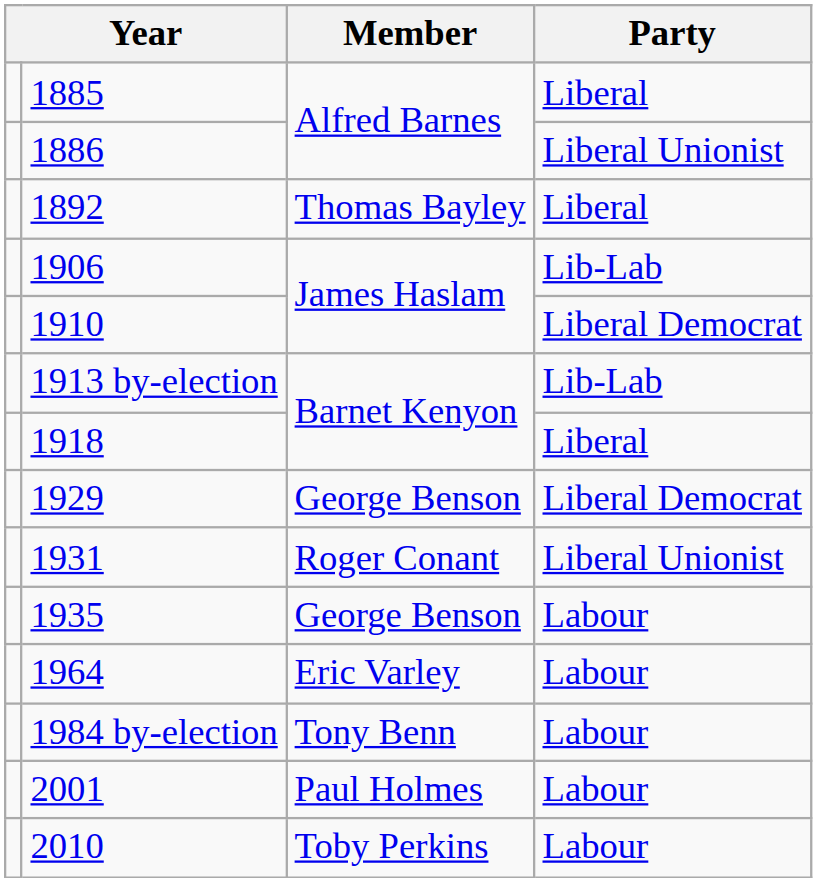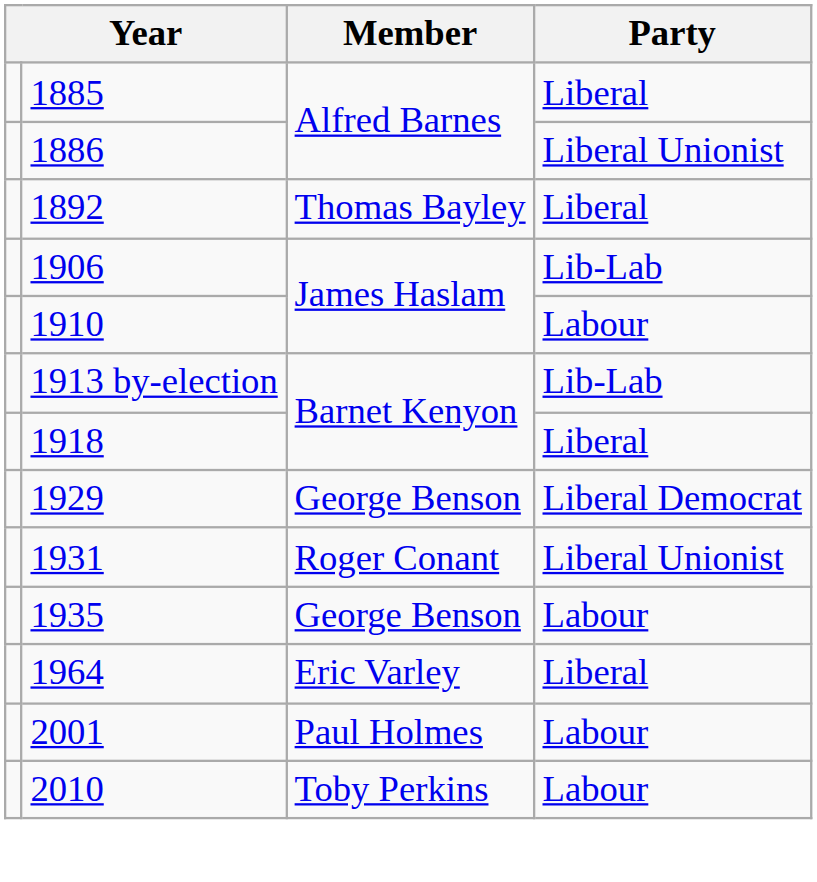 <table class="wikitable">
 <tr>
 <th colspan="2">Year</th>
 <th>Member</th>
 <th>Party</th>
 </tr>
 <tr>
 <td style="color:inherit;background-color: "></td>
 <td><a href='#'>1885</a></td>
 <td rowspan="2"><a href='#'>Alfred Barnes</a></td>
 <td><a href='#'>Liberal</a></td>
 </tr>
 <tr>
 <td style="color:inherit;background-color: "></td>
 <td><a href='#'>1886</a></td>
 <td><a href='#'>Liberal Unionist</a></td>
 </tr>
 <tr>
 <td style="color:inherit;background-color: "></td>
 <td><a href='#'>1892</a></td>
 <td><a href='#'>Thomas Bayley</a></td>
 <td><a href='#'>Liberal</a></td>
 </tr>
 <tr>
 <td style="color:inherit;background-color: "></td>
 <td><a href='#'>1906</a></td>
 <td rowspan="2"><a href='#'>James Haslam</a></td>
 <td><a href='#'>Lib-Lab</a></td>
 </tr>
 <tr>
 <td style="color:inherit;background-color: "></td>
 <td><a href='#'>1910</a></td>
-<td><a href='#'>Liberal Democrat</a></td>
+<td><a href='#'>Labour</a></td>
 </tr>
 <tr>
 <td style="color:inherit;background-color: "></td>
 <td><a href='#'>1913 by-election</a></td>
 <td rowspan="2"><a href='#'>Barnet Kenyon</a></td>
 <td><a href='#'>Lib-Lab</a></td>
 </tr>
 <tr>
 <td style="color:inherit;background-color: "></td>
 <td><a href='#'>1918</a></td>
 <td><a href='#'>Liberal</a> </td>
 </tr>
 <tr>
 <td style="color:inherit;background-color: "></td>
 <td><a href='#'>1929</a></td>
 <td><a href='#'>George Benson</a></td>
 <td><a href='#'>Liberal Democrat</a></td>
 </tr>
 <tr>
 <td style="color:inherit;background-color: "></td>
 <td><a href='#'>1931</a></td>
 <td><a href='#'>Roger Conant</a> </td>
 <td><a href='#'>Liberal Unionist</a></td>
 </tr>
 <tr>
 <td style="color:inherit;background-color: "></td>
 <td><a href='#'>1935</a></td>
 <td><a href='#'>George Benson</a></td>
 <td><a href='#'>Labour</a></td>
 </tr>
 <tr>
 <td style="color:inherit;background-color: "></td>
 <td><a href='#'>1964</a></td>
 <td><a href='#'>Eric Varley</a></td>
-<td><a href='#'>Labour</a></td>
-</tr>
-<tr>
-<td style="color:inherit;background-color: "></td>
-<td><a href='#'>1984 by-election</a></td>
-<td><a href='#'>Tony Benn</a></td>
-<td><a href='#'>Labour</a></td>
+<td><a href='#'>Liberal</a></td>
 </tr>
 <tr>
 <td style="color:inherit;background-color: "></td>
 <td><a href='#'>2001</a></td>
 <td><a href='#'>Paul Holmes</a></td>
 <td><a href='#'>Labour</a></td>
 </tr>
 <tr>
 <td style="color:inherit;background-color: "></td>
 <td><a href='#'>2010</a></td>
 <td><a href='#'>Toby Perkins</a></td>
 <td><a href='#'>Labour</a></td>
 </tr>
 </table>
